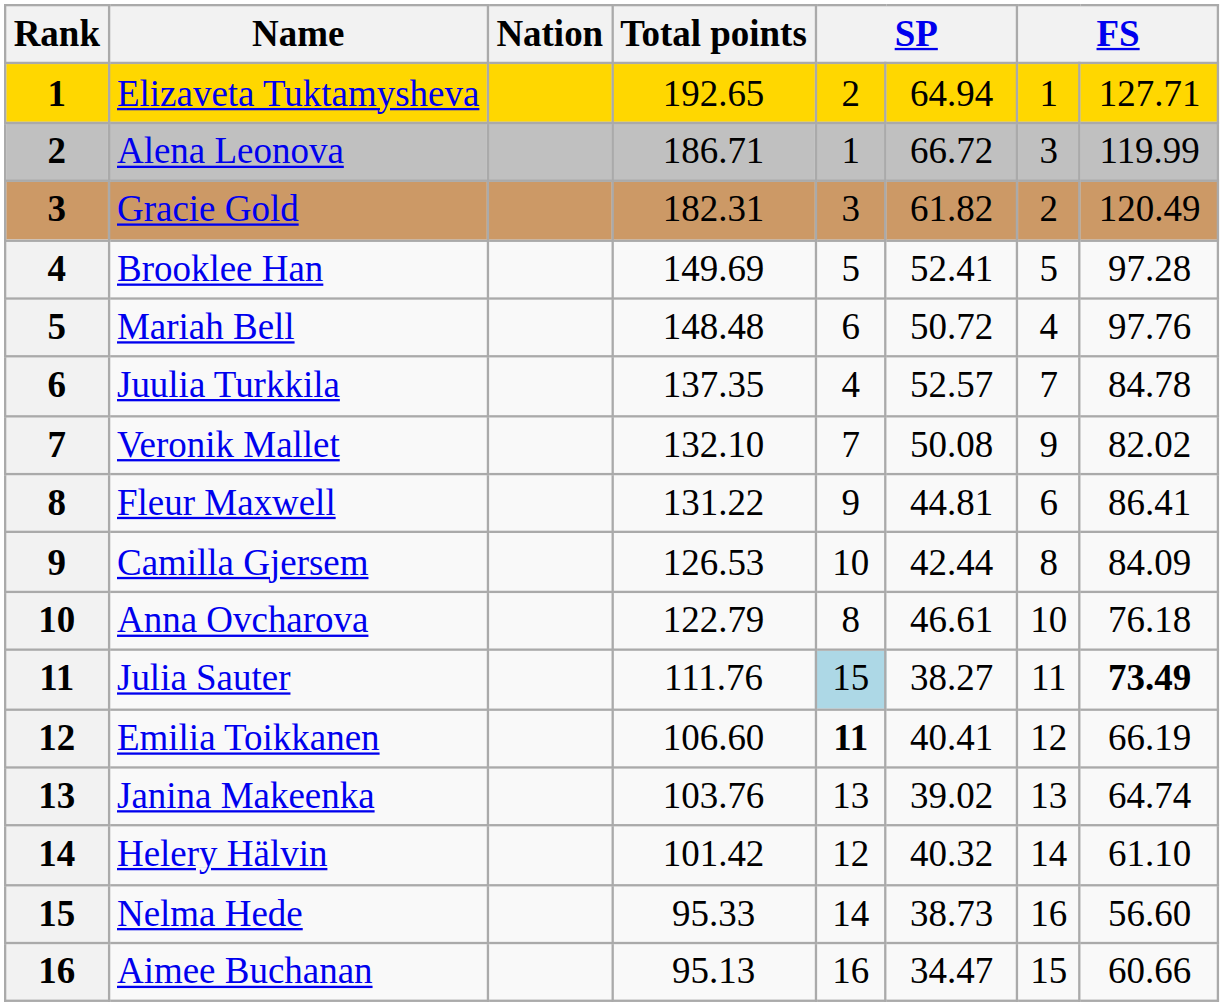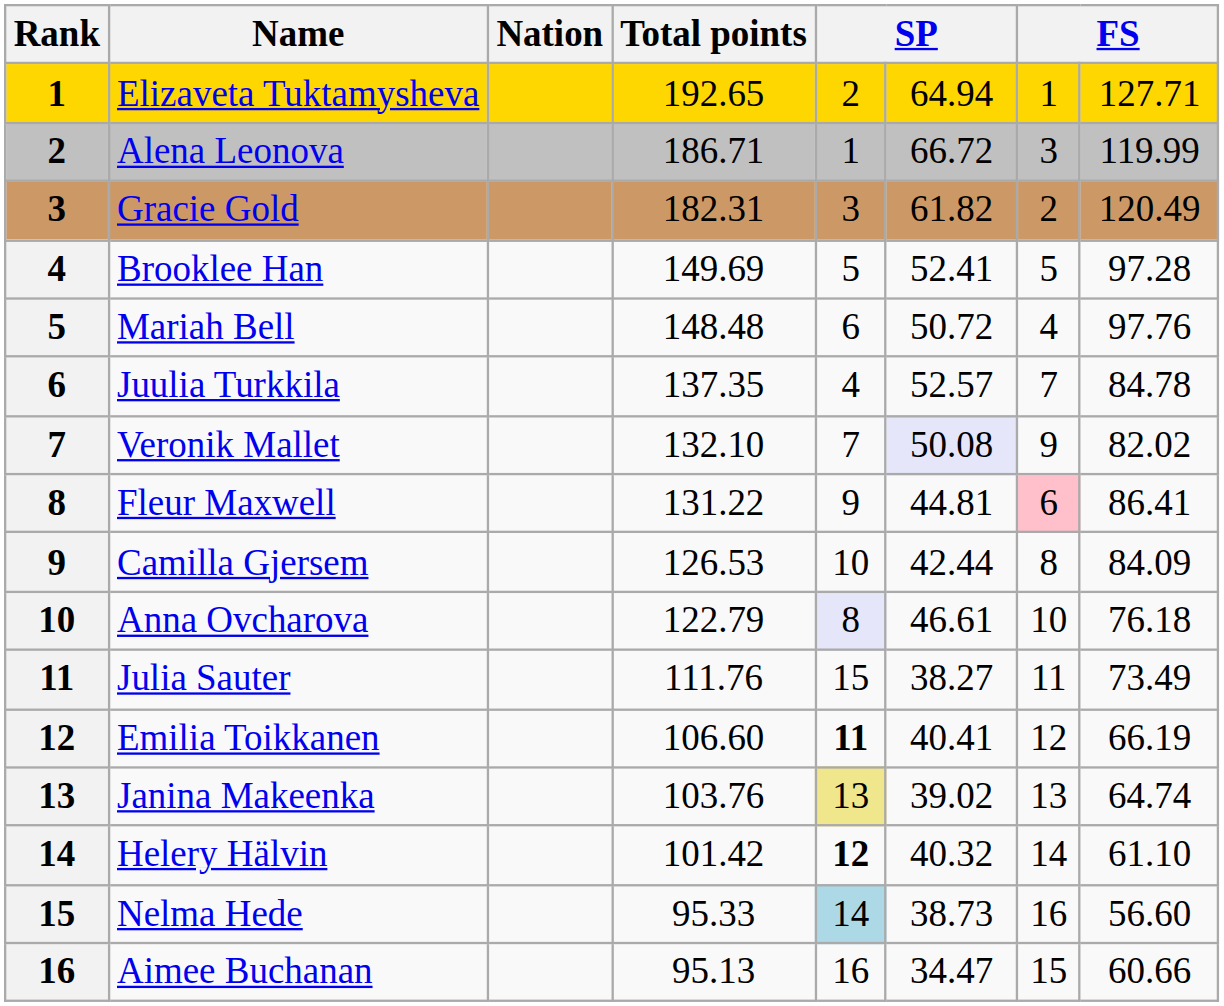 <table class="wikitable sortable">
 <tr>
 <th>Rank</th>
 <th>Name</th>
 <th>Nation</th>
 <th>Total points</th>
 <th colspan="2" width="80px"><a href='#'>SP</a></th>
 <th colspan="2" width="80px"><a href='#'>FS</a></th>
 </tr>
 <tr bgcolor="gold">
 <td align="center"><strong>1</strong></td>
 <td><a href='#'>Elizaveta Tuktamysheva</a></td>
 <td></td>
 <td align="center">192.65</td>
 <td align="center">2</td>
 <td align="center">64.94</td>
 <td align="center">1</td>
 <td align="center">127.71</td>
 </tr>
 <tr bgcolor="silver">
 <td align="center"><strong>2</strong></td>
 <td><a href='#'>Alena Leonova</a></td>
 <td></td>
 <td align="center">186.71</td>
 <td align="center">1</td>
 <td align="center">66.72</td>
 <td align="center">3</td>
 <td align="center">119.99</td>
 </tr>
 <tr bgcolor="cc9966">
 <td align="center"><strong>3</strong></td>
 <td><a href='#'>Gracie Gold</a></td>
 <td></td>
 <td align="center">182.31</td>
 <td align="center">3</td>
 <td align="center">61.82</td>
 <td align="center">2</td>
 <td align="center">120.49</td>
 </tr>
 <tr>
 <th>4</th>
 <td><a href='#'>Brooklee Han</a></td>
 <td></td>
 <td align="center">149.69</td>
 <td align="center">5</td>
 <td align="center">52.41</td>
 <td align="center">5</td>
 <td align="center">97.28</td>
 </tr>
 <tr>
 <th>5</th>
 <td><a href='#'>Mariah Bell</a></td>
 <td></td>
 <td align="center">148.48</td>
 <td align="center">6</td>
 <td align="center">50.72</td>
 <td align="center">4</td>
 <td align="center">97.76</td>
 </tr>
 <tr>
 <th>6</th>
 <td><a href='#'>Juulia Turkkila</a></td>
 <td></td>
 <td align="center">137.35</td>
 <td align="center">4</td>
 <td align="center">52.57</td>
 <td align="center">7</td>
 <td align="center">84.78</td>
 </tr>
 <tr>
 <th>7</th>
 <td><a href='#'>Veronik Mallet</a></td>
 <td></td>
 <td align="center">132.10</td>
 <td align="center">7</td>
-<td align="center">50.08</td>
+<td align="center" style="background: lavender;">50.08</td>
 <td align="center">9</td>
 <td align="center">82.02</td>
 </tr>
 <tr>
 <th>8</th>
 <td><a href='#'>Fleur Maxwell</a></td>
 <td></td>
 <td align="center">131.22</td>
 <td align="center">9</td>
 <td align="center">44.81</td>
-<td align="center">6</td>
+<td align="center" style="background: pink;">6</td>
 <td align="center">86.41</td>
 </tr>
 <tr>
 <th>9</th>
 <td><a href='#'>Camilla Gjersem</a></td>
 <td></td>
 <td align="center">126.53</td>
 <td align="center">10</td>
 <td align="center">42.44</td>
 <td align="center">8</td>
 <td align="center">84.09</td>
 </tr>
 <tr>
 <th>10</th>
 <td><a href='#'>Anna Ovcharova</a></td>
 <td></td>
 <td align="center">122.79</td>
-<td align="center">8</td>
+<td align="center" style="background: lavender;">8</td>
 <td align="center">46.61</td>
 <td align="center">10</td>
 <td align="center">76.18</td>
 </tr>
 <tr>
 <th>11</th>
 <td><a href='#'>Julia Sauter</a></td>
 <td></td>
 <td align="center">111.76</td>
-<td align="center" style="background: lightblue;">15</td>
+<td align="center">15</td>
 <td align="center">38.27</td>
 <td align="center">11</td>
-<td align="center"><strong>73.49</strong></td>
+<td align="center">73.49</td>
 </tr>
 <tr>
 <th>12</th>
 <td><a href='#'>Emilia Toikkanen</a></td>
 <td></td>
 <td align="center">106.60</td>
 <td align="center"><strong>11</strong></td>
 <td align="center">40.41</td>
 <td align="center">12</td>
 <td align="center">66.19</td>
 </tr>
 <tr>
 <th>13</th>
 <td><a href='#'>Janina Makeenka</a></td>
 <td></td>
 <td align="center">103.76</td>
-<td align="center">13</td>
+<td align="center" style="background: khaki;">13</td>
 <td align="center">39.02</td>
 <td align="center">13</td>
 <td align="center">64.74</td>
 </tr>
 <tr>
 <th>14</th>
 <td><a href='#'>Helery Hälvin</a></td>
 <td></td>
 <td align="center">101.42</td>
-<td align="center">12</td>
+<td align="center"><strong>12</strong></td>
 <td align="center">40.32</td>
 <td align="center">14</td>
 <td align="center">61.10</td>
 </tr>
 <tr>
 <th>15</th>
 <td><a href='#'>Nelma Hede</a></td>
 <td></td>
 <td align="center">95.33</td>
-<td align="center">14</td>
+<td align="center" style="background: lightblue;">14</td>
 <td align="center">38.73</td>
 <td align="center">16</td>
 <td align="center">56.60</td>
 </tr>
 <tr>
 <th>16</th>
 <td><a href='#'>Aimee Buchanan</a></td>
 <td></td>
 <td align="center">95.13</td>
 <td align="center">16</td>
 <td align="center">34.47</td>
 <td align="center">15</td>
 <td align="center">60.66</td>
 </tr>
 </table>
